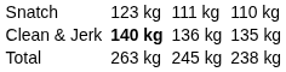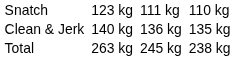 <table>
 <tr>
 <td>Snatch</td>
 <td></td>
 <td>123 kg</td>
 <td></td>
 <td>111 kg</td>
 <td></td>
 <td>110 kg</td>
 </tr>
 <tr>
 <td>Clean & Jerk</td>
 <td></td>
-<td><strong>140 kg</strong></td>
+<td>140 kg</td>
 <td></td>
 <td>136 kg</td>
 <td></td>
 <td>135 kg</td>
 </tr>
 <tr>
 <td>Total</td>
 <td></td>
 <td>263 kg</td>
 <td></td>
 <td>245 kg</td>
 <td></td>
 <td>238 kg</td>
 </tr>
 </table>
